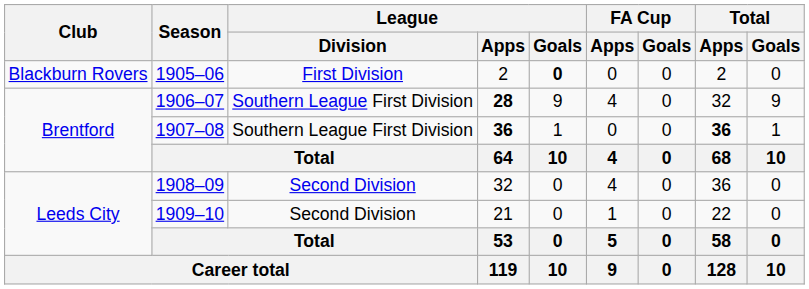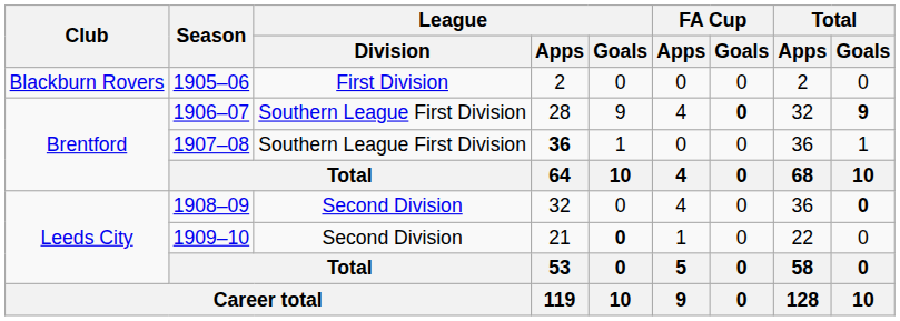 <table class="wikitable" style="text-align: center;">
 <tr>
 <th rowspan="2">Club</th>
 <th rowspan="2">Season</th>
 <th colspan="3">League</th>
 <th colspan="2">FA Cup</th>
 <th colspan="2">Total</th>
 </tr>
 <tr>
 <th>Division</th>
 <th>Apps</th>
 <th>Goals</th>
 <th>Apps</th>
 <th>Goals</th>
 <th>Apps</th>
 <th>Goals</th>
 </tr>
 <tr>
 <td><a href='#'>Blackburn Rovers</a></td>
 <td><a href='#'>1905–06</a></td>
 <td><a href='#'>First Division</a></td>
 <td>2</td>
-<td><strong>0</strong></td>
+<td>0</td>
 <td>0</td>
 <td>0</td>
 <td>2</td>
 <td>0</td>
 </tr>
 <tr>
 <td rowspan="3"><a href='#'>Brentford</a></td>
 <td><a href='#'>1906–07</a></td>
 <td><a href='#'>Southern League</a> First Division</td>
-<td><strong>28</strong></td>
+<td>28</td>
 <td>9</td>
 <td>4</td>
-<td>0</td>
+<td><strong>0</strong></td>
 <td>32</td>
-<td>9</td>
+<td><strong>9</strong></td>
 </tr>
 <tr>
 <td><a href='#'>1907–08</a></td>
 <td>Southern League First Division</td>
 <td><strong>36</strong></td>
 <td>1</td>
 <td>0</td>
 <td>0</td>
-<td><strong>36</strong></td>
+<td>36</td>
 <td>1</td>
 </tr>
 <tr>
 <th colspan="2">Total</th>
 <th>64</th>
 <th>10</th>
 <th>4</th>
 <th>0</th>
 <th>68</th>
 <th>10</th>
 </tr>
 <tr>
 <td rowspan="3"><a href='#'>Leeds City</a></td>
 <td><a href='#'>1908–09</a></td>
 <td><a href='#'>Second Division</a></td>
 <td>32</td>
 <td>0</td>
 <td>4</td>
 <td>0</td>
 <td>36</td>
-<td>0</td>
+<td><strong>0</strong></td>
 </tr>
 <tr>
 <td><a href='#'>1909–10</a></td>
 <td>Second Division</td>
 <td>21</td>
-<td>0</td>
+<td><strong>0</strong></td>
 <td>1</td>
 <td>0</td>
 <td>22</td>
 <td>0</td>
 </tr>
 <tr>
 <th colspan="2">Total</th>
 <th>53</th>
 <th>0</th>
 <th>5</th>
 <th>0</th>
 <th>58</th>
 <th>0</th>
 </tr>
 <tr>
 <th colspan="3">Career total</th>
 <th>119</th>
 <th>10</th>
 <th>9</th>
 <th>0</th>
 <th>128</th>
 <th>10</th>
 </tr>
 </table>
